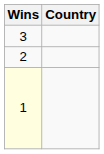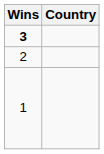 <table class="wikitable">
 <tr>
 <th>Wins</th>
 <th>Country</th>
 </tr>
 <tr>
-<td align=center>3</td>
+<td align=center><strong>3</strong></td>
 <td></td>
 </tr>
 <tr>
 <td align=center>2</td>
 <td><br></td>
 </tr>
 <tr>
-<td align=center style="background: lightyellow;">1</td>
+<td align=center>1</td>
 <td><br><br><br><br><br></td>
 </tr>
 </table>
